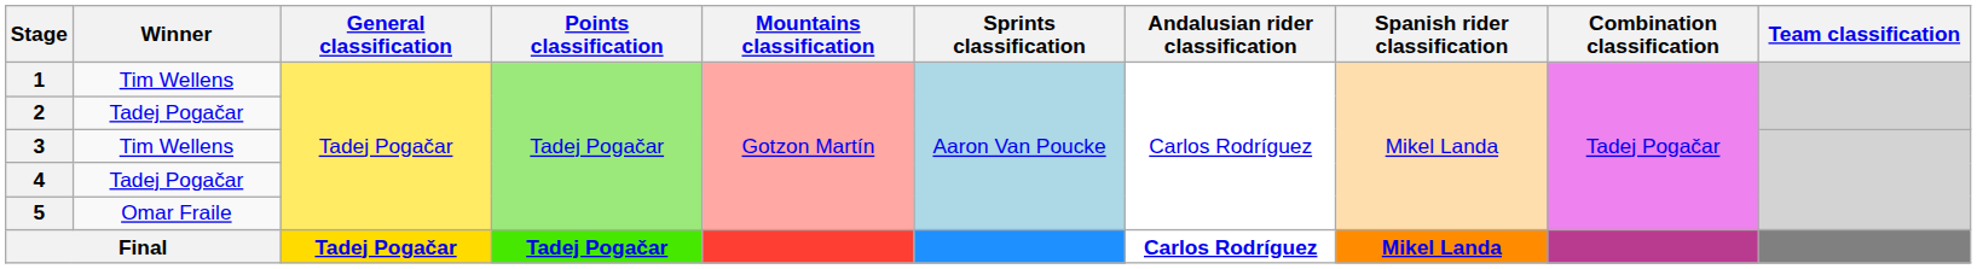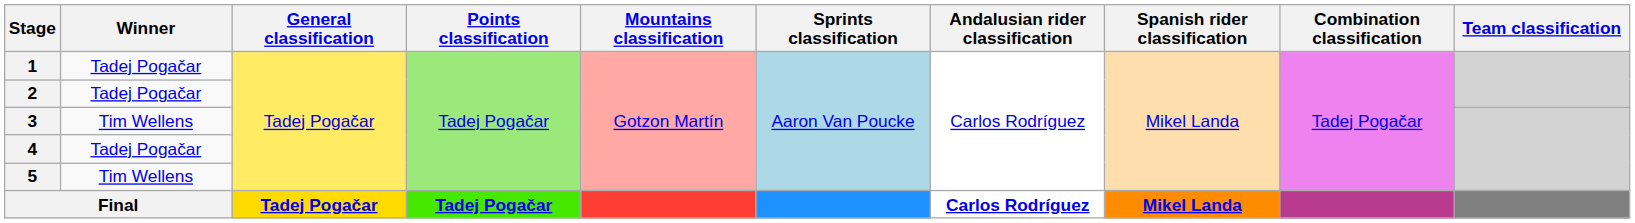 <table class="wikitable" style="text-align: center; font-size:smaller;">
 <tr style="background:#efefef;">
 <th width="1%">Stage</th>
 <th width="11%">Winner</th>
 <th width="11%"><a href='#'>General classification</a><br></th>
 <th width="11%"><a href='#'>Points classification</a><br></th>
 <th width="11%"><a href='#'>Mountains classification</a><br></th>
 <th width="11%">Sprints classification<br></th>
 <th width="11%">Andalusian rider classification<br></th>
 <th width="11%">Spanish rider classification</th>
 <th width="11%">Combination classification</th>
 <th width="11%"><a href='#'>Team classification</a></th>
 </tr>
 <tr>
 <th>1</th>
-<td><a href='#'>Tim Wellens</a></td>
+<td><a href='#'>Tadej Pogačar</a></td>
 <td style="background:#FFEB64;" rowspan="5"><a href='#'>Tadej Pogačar</a></td>
 <td style="background:#9CE97B;" rowspan="5"><a href='#'>Tadej Pogačar</a></td>
 <td style="background:#FFA8A4;" rowspan="5"><a href='#'>Gotzon Martín</a></td>
 <td style="background:lightblue;" rowspan="5"><a href='#'>Aaron Van Poucke</a></td>
 <td style="background:white;" rowspan="5"><a href='#'>Carlos Rodríguez</a></td>
 <td style="background:navajowhite;" rowspan="5"><a href='#'>Mikel Landa</a></td>
 <td style="background:violet;" rowspan="5"><a href='#'>Tadej Pogačar</a></td>
 <td style="background:lightgrey;" rowspan="2"></td>
 </tr>
 <tr>
 <th>2</th>
 <td><a href='#'>Tadej Pogačar</a></td>
 </tr>
 <tr>
 <th>3</th>
 <td><a href='#'>Tim Wellens</a></td>
 <td style="background:lightgrey;" rowspan="3"></td>
 </tr>
 <tr>
 <th>4</th>
 <td><a href='#'>Tadej Pogačar</a></td>
 </tr>
 <tr>
 <th>5</th>
-<td><a href='#'>Omar Fraile</a></td>
+<td><a href='#'>Tim Wellens</a></td>
 </tr>
 <tr>
 <th colspan="2">Final</th>
 <th style="background:#FFDB00;"><a href='#'>Tadej Pogačar</a></th>
 <th style="background:#46E800;"><a href='#'>Tadej Pogačar</a></th>
 <th style="background:#FF3E33;"></th>
 <th style="background:dodgerblue;"></th>
 <th style="background:white;"><a href='#'>Carlos Rodríguez</a></th>
 <th style="background:#FF8C00;"><a href='#'>Mikel Landa</a></th>
 <th style="background:#B93B8F;"></th>
 <th style="background:grey;"></th>
 </tr>
 </table>
